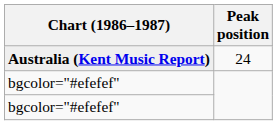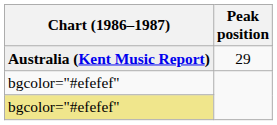 <table class="wikitable sortable plainrowheaders">
 <tr>
 <th>Chart (1986–1987)</th>
 <th>Peak<br>position</th>
 </tr>
 <tr>
 <td bgcolor="#efefef"><strong>Australia (<a href='#'>Kent Music Report</a>)</strong></td>
-<td style="text-align:center;">24</td>
+<td style="text-align:center;">29</td>
 </tr>
 <tr>
 <td>bgcolor="#efefef" </td>
 </tr>
 <tr>
-<td>bgcolor="#efefef" </td>
+<td style="background: khaki;">bgcolor="#efefef" </td>
 </tr>
 </table>
